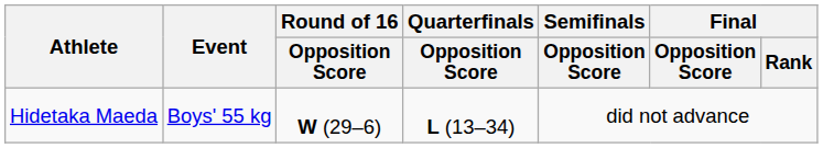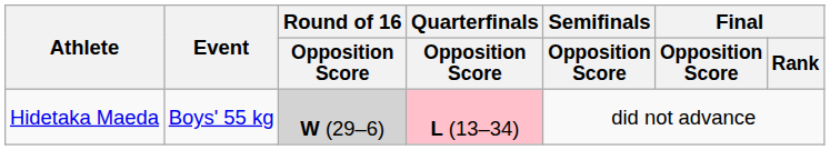 <table class="wikitable" style="font-size:90%">
 <tr>
 <th rowspan=2>Athlete</th>
 <th rowspan=2>Event</th>
 <th colspan=1>Round of 16</th>
 <th colspan=1>Quarterfinals</th>
 <th colspan=1>Semifinals</th>
 <th colspan=2>Final</th>
 </tr>
 <tr style="font-size:95%">
 <th>Opposition<br>Score</th>
 <th>Opposition<br>Score</th>
 <th>Opposition<br>Score</th>
 <th>Opposition<br>Score</th>
 <th>Rank</th>
 </tr>
 <tr align=center>
 <td align=left><a href='#'>Hidetaka Maeda</a></td>
 <td align=left><a href='#'>Boys' 55 kg</a></td>
-<td><br><strong>W</strong> (29–6)</td>
-<td><br><strong>L</strong> (13–34)</td>
+<td style="background: lightgrey;"><br><strong>W</strong> (29–6)</td>
+<td style="background: pink;"><br><strong>L</strong> (13–34)</td>
 <td colspan=3>did not advance</td>
 </tr>
 </table>
